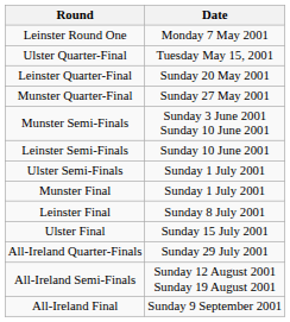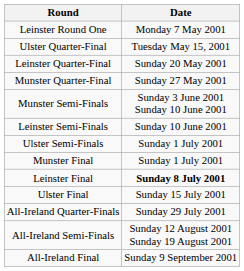 <table class="wikitable" style="text-align: center">
 <tr>
 <th>Round</th>
 <th>Date</th>
 </tr>
 <tr>
 <td>Leinster Round One</td>
 <td>Monday 7 May 2001</td>
 </tr>
 <tr>
 <td>Ulster Quarter-Final</td>
 <td>Tuesday May 15, 2001</td>
 </tr>
 <tr>
 <td>Leinster Quarter-Final</td>
 <td>Sunday 20 May 2001</td>
 </tr>
 <tr>
 <td>Munster Quarter-Final</td>
 <td>Sunday 27 May 2001</td>
 </tr>
 <tr>
 <td>Munster Semi-Finals</td>
 <td>Sunday 3 June 2001<br>Sunday 10 June 2001</td>
 </tr>
 <tr>
 <td>Leinster Semi-Finals</td>
 <td>Sunday 10 June 2001</td>
 </tr>
 <tr>
 <td>Ulster Semi-Finals</td>
 <td>Sunday 1 July 2001</td>
 </tr>
 <tr>
 <td>Munster Final</td>
 <td>Sunday 1 July 2001</td>
 </tr>
 <tr>
 <td>Leinster Final</td>
-<td>Sunday 8 July 2001</td>
+<td><strong>Sunday 8 July 2001</strong></td>
 </tr>
 <tr>
 <td>Ulster Final</td>
 <td>Sunday 15 July 2001</td>
 </tr>
 <tr>
 <td>All-Ireland Quarter-Finals</td>
 <td>Sunday 29 July 2001</td>
 </tr>
 <tr>
 <td>All-Ireland Semi-Finals</td>
 <td>Sunday 12 August 2001<br>Sunday 19 August 2001</td>
 </tr>
 <tr>
 <td>All-Ireland Final</td>
 <td>Sunday 9 September 2001</td>
 </tr>
 </table>
